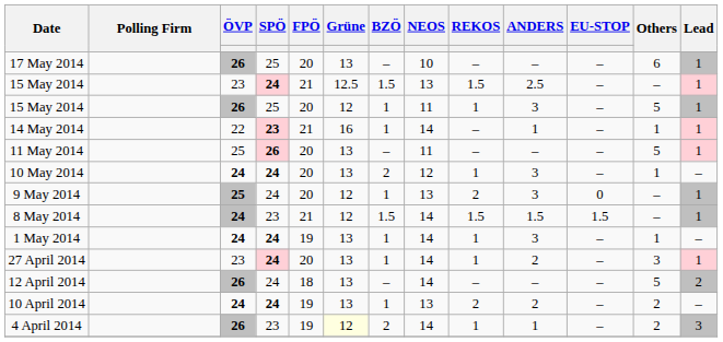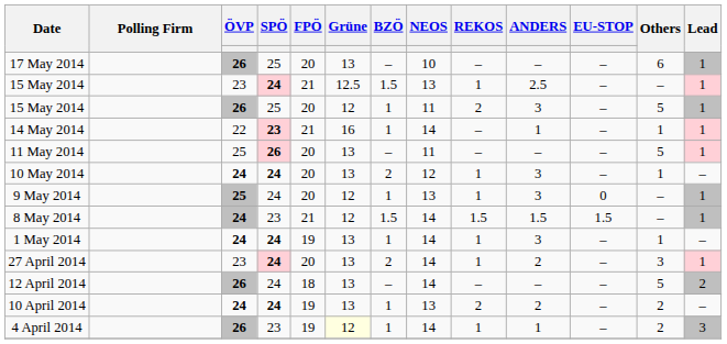 <table class="wikitable" style="text-align:center; font-size:90%; line-height:16px;">
 <tr style="height:42px;">
 <th style="width:80px;" rowspan="2">Date</th>
 <th style="width:130px;" rowspan="2">Polling Firm</th>
 <th><a href='#'><span>ÖVP</span></a></th>
 <th><a href='#'><span>SPÖ</span></a></th>
 <th><a href='#'><span>FPÖ</span></a></th>
 <th><a href='#'><span>Grüne</span></a></th>
 <th><a href='#'><span>BZÖ</span></a></th>
 <th><a href='#'><span>NEOS</span></a></th>
 <th><a href='#'><span>REKOS</span></a></th>
 <th><a href='#'><span>ANDERS</span></a></th>
 <th><a href='#'><span>EU-STOP</span></a></th>
 <th style="width:40px;" rowspan="2">Others</th>
 <th style="width:20px;" rowspan="2">Lead</th>
 </tr>
 <tr>
 <th style="background:"></th>
 <th style="background:"></th>
 <th style="background:"></th>
 <th style="background:"></th>
 <th style="background:"></th>
 <th style="background:"></th>
 <th style="background:"></th>
 <th style="background:"></th>
 <th style="background:"></th>
 </tr>
 <tr>
 <td>17 May 2014</td>
 <td></td>
 <td style="background:#BFBFBF"><strong>26</strong></td>
 <td>25</td>
 <td>20</td>
 <td>13</td>
 <td>–</td>
 <td>10</td>
 <td>–</td>
 <td>–</td>
 <td>–</td>
 <td>6</td>
 <td style="background:#BFBFBF">1</td>
 </tr>
 <tr>
 <td>15 May 2014</td>
 <td></td>
 <td>23</td>
 <td style="background:#FFD0D7"><strong>24</strong></td>
 <td>21</td>
 <td>12.5</td>
 <td>1.5</td>
 <td>13</td>
-<td>1.5</td>
+<td>1</td>
 <td>2.5</td>
 <td>–</td>
 <td>–</td>
 <td style="background:#FFD0D7">1</td>
 </tr>
 <tr>
 <td>15 May 2014</td>
 <td></td>
 <td style="background:#BFBFBF"><strong>26</strong></td>
 <td>25</td>
 <td>20</td>
 <td>12</td>
 <td>1</td>
 <td>11</td>
-<td>1</td>
+<td>2</td>
 <td>3</td>
 <td>–</td>
 <td>5</td>
 <td style="background:#BFBFBF">1</td>
 </tr>
 <tr>
 <td>14 May 2014</td>
 <td></td>
 <td>22</td>
 <td style="background:#FFD0D7"><strong>23</strong></td>
 <td>21</td>
 <td>16</td>
 <td>1</td>
 <td>14</td>
 <td>–</td>
 <td>1</td>
 <td>–</td>
 <td>1</td>
 <td style="background:#FFD0D7">1</td>
 </tr>
 <tr>
 <td>11 May 2014</td>
 <td></td>
 <td>25</td>
 <td style="background:#FFD0D7"><strong>26</strong></td>
 <td>20</td>
 <td>13</td>
 <td>–</td>
 <td>11</td>
 <td>–</td>
 <td>–</td>
 <td>–</td>
 <td>5</td>
 <td style="background:#FFD0D7">1</td>
 </tr>
 <tr>
 <td>10 May 2014</td>
 <td></td>
 <td><strong>24</strong></td>
 <td><strong>24</strong></td>
 <td>20</td>
 <td>13</td>
 <td>2</td>
 <td>12</td>
 <td>1</td>
 <td>3</td>
 <td>–</td>
 <td>1</td>
 <td>–</td>
 </tr>
 <tr>
 <td>9 May 2014</td>
 <td></td>
 <td style="background:#BFBFBF"><strong>25</strong></td>
 <td>24</td>
 <td>20</td>
 <td>12</td>
 <td>1</td>
 <td>13</td>
-<td>2</td>
+<td>1</td>
 <td>3</td>
 <td>0</td>
 <td>–</td>
 <td style="background:#BFBFBF">1</td>
 </tr>
 <tr>
 <td>8 May 2014</td>
 <td></td>
 <td style="background:#BFBFBF"><strong>24</strong></td>
 <td>23</td>
 <td>21</td>
 <td>12</td>
 <td>1.5</td>
 <td>14</td>
 <td>1.5</td>
 <td>1.5</td>
 <td>1.5</td>
 <td>–</td>
 <td style="background:#BFBFBF">1</td>
 </tr>
 <tr>
 <td>1 May 2014</td>
 <td></td>
 <td><strong>24</strong></td>
 <td><strong>24</strong></td>
 <td>19</td>
 <td>13</td>
 <td>1</td>
 <td>14</td>
 <td>1</td>
 <td>3</td>
 <td>–</td>
 <td>1</td>
 <td>–</td>
 </tr>
 <tr>
 <td>27 April 2014</td>
 <td></td>
 <td>23</td>
 <td style="background:#FFD0D7"><strong>24</strong></td>
 <td>20</td>
 <td>13</td>
-<td>1</td>
+<td>2</td>
 <td>14</td>
 <td>1</td>
 <td>2</td>
 <td>–</td>
 <td>3</td>
 <td style="background:#FFD0D7">1</td>
 </tr>
 <tr>
 <td>12 April 2014</td>
 <td></td>
 <td style="background:#BFBFBF"><strong>26</strong></td>
 <td>24</td>
 <td>18</td>
 <td>13</td>
 <td>–</td>
 <td>14</td>
 <td>–</td>
 <td>–</td>
 <td>–</td>
 <td>5</td>
 <td style="background:#BFBFBF">2</td>
 </tr>
 <tr>
 <td>10 April 2014</td>
 <td></td>
 <td><strong>24</strong></td>
 <td><strong>24</strong></td>
 <td>19</td>
 <td>13</td>
 <td>1</td>
 <td>13</td>
 <td>2</td>
 <td>2</td>
 <td>–</td>
 <td>2</td>
 <td>–</td>
 </tr>
 <tr>
 <td>4 April 2014</td>
 <td></td>
 <td style="background:#BFBFBF"><strong>26</strong></td>
 <td>23</td>
 <td>19</td>
 <td style="background: lightyellow;">12</td>
-<td>2</td>
+<td>1</td>
 <td>14</td>
 <td>1</td>
 <td>1</td>
 <td>–</td>
 <td>2</td>
 <td style="background:#BFBFBF">3</td>
 </tr>
 <tr>
 </tr>
 </table>
